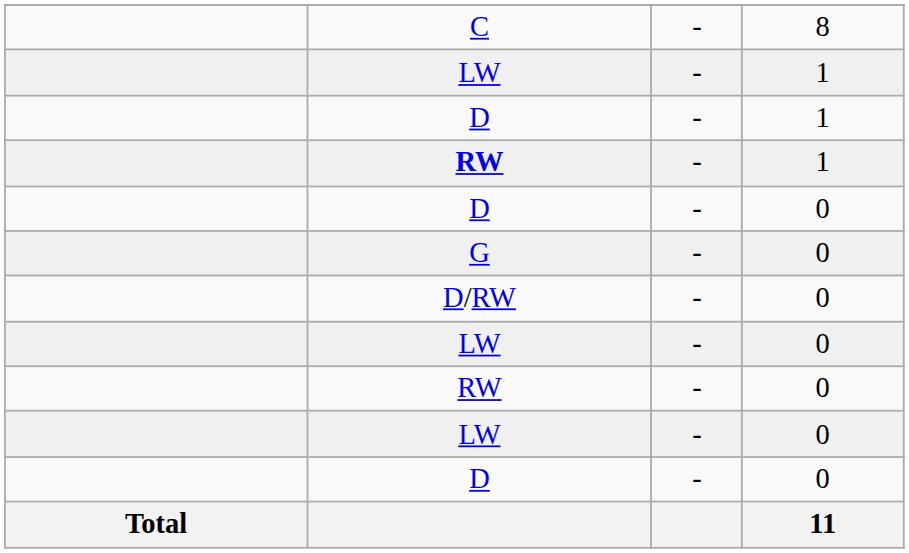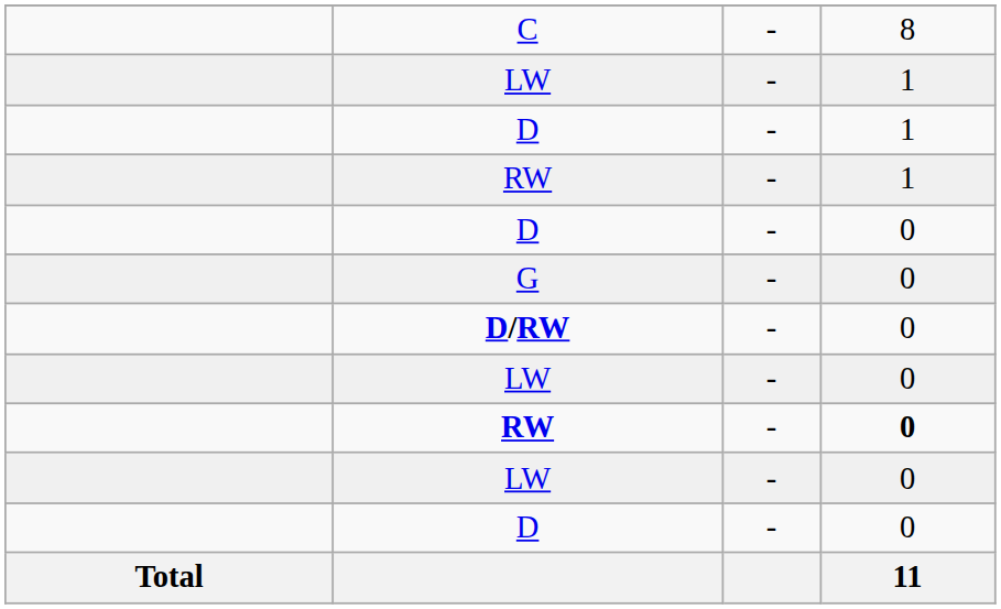 <table class="wikitable sortable" width ="40%">
 <tr align="center">
 </tr>
 <tr align="center" bgcolor="">
 <td></td>
 <td><a href='#'>C</a></td>
 <td>-</td>
 <td>8</td>
 </tr>
 <tr align="center" bgcolor="f0f0f0">
 <td></td>
 <td><a href='#'>LW</a></td>
 <td>-</td>
 <td>1</td>
 </tr>
 <tr align="center" bgcolor="">
 <td></td>
 <td><a href='#'>D</a></td>
 <td>-</td>
 <td>1</td>
 </tr>
 <tr align="center" bgcolor="f0f0f0">
 <td></td>
-<td><strong><a href='#'>RW</a></strong></td>
+<td><a href='#'>RW</a></td>
 <td>-</td>
 <td>1</td>
 </tr>
 <tr align="center" bgcolor="">
 <td></td>
 <td><a href='#'>D</a></td>
 <td>-</td>
 <td>0</td>
 </tr>
 <tr align="center" bgcolor="f0f0f0">
 <td></td>
 <td><a href='#'>G</a></td>
 <td>-</td>
 <td>0</td>
 </tr>
 <tr align="center" bgcolor="">
 <td></td>
-<td><a href='#'>D</a>/<a href='#'>RW</a></td>
+<td><strong><a href='#'>D</a>/<a href='#'>RW</a></strong></td>
 <td>-</td>
 <td>0</td>
 </tr>
 <tr align="center" bgcolor="f0f0f0">
 <td></td>
 <td><a href='#'>LW</a></td>
 <td>-</td>
 <td>0</td>
 </tr>
 <tr align="center" bgcolor="">
 <td></td>
-<td><a href='#'>RW</a></td>
+<td><strong><a href='#'>RW</a></strong></td>
 <td>-</td>
-<td>0</td>
+<td><strong>0</strong></td>
 </tr>
 <tr align="center" bgcolor="f0f0f0">
 <td></td>
 <td><a href='#'>LW</a></td>
 <td>-</td>
 <td>0</td>
 </tr>
 <tr align="center" bgcolor="">
 <td></td>
 <td><a href='#'>D</a></td>
 <td>-</td>
 <td>0</td>
 </tr>
 <tr>
 <th>Total</th>
 <th></th>
 <th></th>
 <th>11</th>
 </tr>
 </table>
